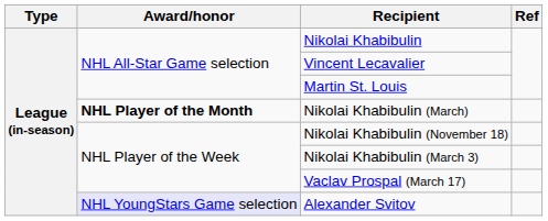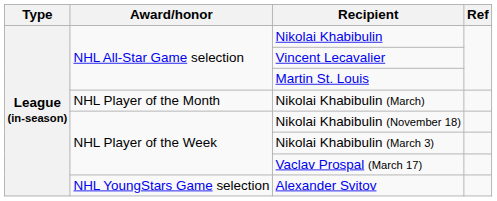 <table class="wikitable">
 <tr>
 <th scope="col">Type</th>
 <th scope="col">Award/honor</th>
 <th scope="col">Recipient</th>
 <th scope="col">Ref</th>
 </tr>
 <tr>
 <th scope="row" rowspan="8">League<br><small>(in-season)</small></th>
 <td rowspan="3"><a href='#'>NHL All-Star Game</a> selection</td>
 <td><a href='#'>Nikolai Khabibulin</a></td>
 <td rowspan="3"></td>
 </tr>
 <tr>
 <td><a href='#'>Vincent Lecavalier</a></td>
 </tr>
 <tr>
 <td><a href='#'>Martin St. Louis</a></td>
 </tr>
 <tr>
-<td><strong>NHL Player of the Month</strong></td>
+<td>NHL Player of the Month</td>
 <td>Nikolai Khabibulin <small>(March)</small></td>
 <td></td>
 </tr>
 <tr>
 <td rowspan="3">NHL Player of the Week</td>
 <td>Nikolai Khabibulin <small>(November 18)</small></td>
 <td></td>
 </tr>
 <tr>
 <td>Nikolai Khabibulin <small>(March 3)</small></td>
 <td></td>
 </tr>
 <tr>
 <td><a href='#'>Vaclav Prospal</a> <small>(March 17)</small></td>
 <td></td>
 </tr>
 <tr>
-<td style="background: lavender;"><a href='#'>NHL YoungStars Game</a> selection</td>
+<td><a href='#'>NHL YoungStars Game</a> selection</td>
 <td><a href='#'>Alexander Svitov</a></td>
 <td></td>
 </tr>
 </table>
